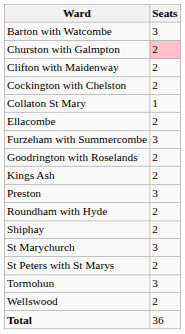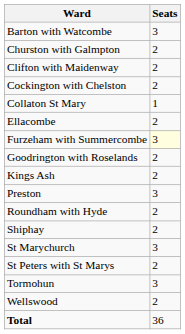 <table class="wikitable defaultleft col2right">
 <tr>
 <th>Ward</th>
 <th>Seats</th>
 </tr>
 <tr>
 <td>Barton with Watcombe</td>
 <td>3</td>
 </tr>
 <tr>
 <td>Churston with Galmpton</td>
-<td style="background: pink;">2</td>
+<td>2</td>
 </tr>
 <tr>
 <td>Clifton with Maidenway</td>
 <td>2</td>
 </tr>
 <tr>
 <td>Cockington with Chelston</td>
 <td>2</td>
 </tr>
 <tr>
 <td>Collaton St Mary</td>
 <td>1</td>
 </tr>
 <tr>
 <td>Ellacombe</td>
 <td>2</td>
 </tr>
 <tr>
 <td>Furzeham with Summercombe</td>
-<td>3</td>
+<td style="background: lightyellow;">3</td>
 </tr>
 <tr>
 <td>Goodrington with Roselands</td>
 <td>2</td>
 </tr>
 <tr>
 <td>Kings Ash</td>
 <td>2</td>
 </tr>
 <tr>
 <td>Preston</td>
 <td>3</td>
 </tr>
 <tr>
 <td>Roundham with Hyde</td>
 <td>2</td>
 </tr>
 <tr>
 <td>Shiphay</td>
 <td>2</td>
 </tr>
 <tr>
 <td>St Marychurch</td>
 <td>3</td>
 </tr>
 <tr>
 <td>St Peters with St Marys</td>
 <td>2</td>
 </tr>
 <tr>
 <td>Tormohun</td>
 <td>3</td>
 </tr>
 <tr>
 <td>Wellswood</td>
 <td>2</td>
 </tr>
 <tr>
 <td><strong>Total</strong></td>
 <td>36</td>
 </tr>
 </table>
